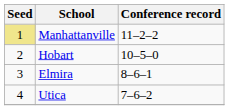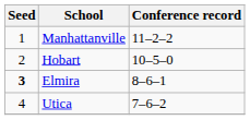 <table class="wikitable">
 <tr>
 <th>Seed</th>
 <th>School</th>
 <th>Conference record</th>
 </tr>
 <tr>
-<td align=center style="background: khaki;">1</td>
+<td align=center>1</td>
 <td><a href='#'>Manhattanville</a></td>
 <td>11–2–2</td>
 </tr>
 <tr>
 <td align=center>2</td>
 <td><a href='#'>Hobart</a></td>
 <td>10–5–0</td>
 </tr>
 <tr>
-<td align=center>3</td>
+<td align=center><strong>3</strong></td>
 <td><a href='#'>Elmira</a></td>
 <td>8–6–1</td>
 </tr>
 <tr>
 <td align=center>4</td>
 <td><a href='#'>Utica</a></td>
 <td>7–6–2</td>
 </tr>
 <tr>
 </tr>
 </table>
